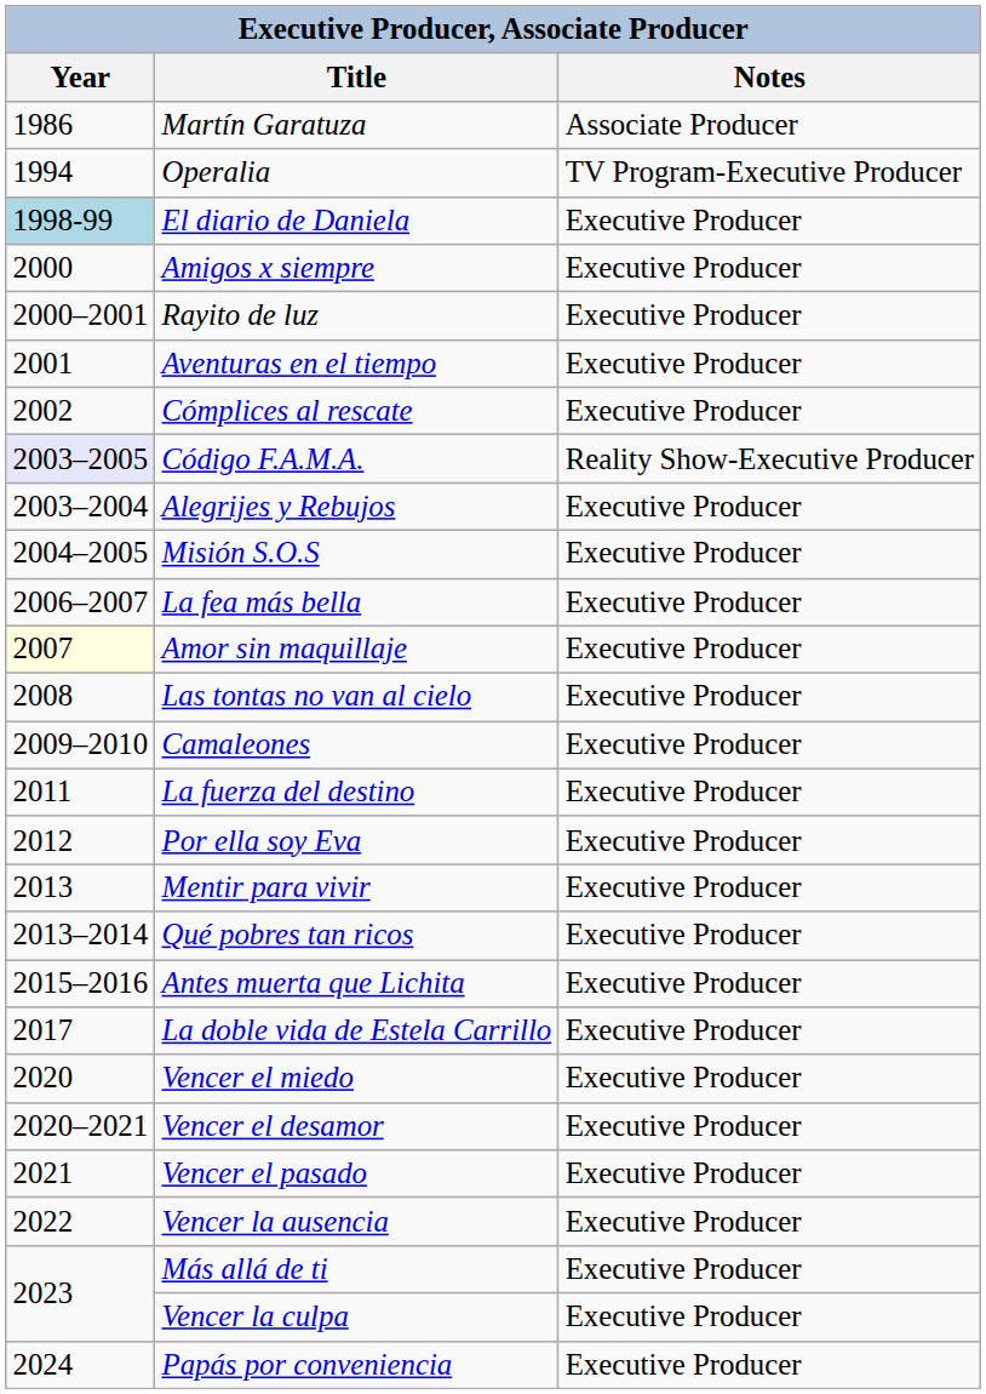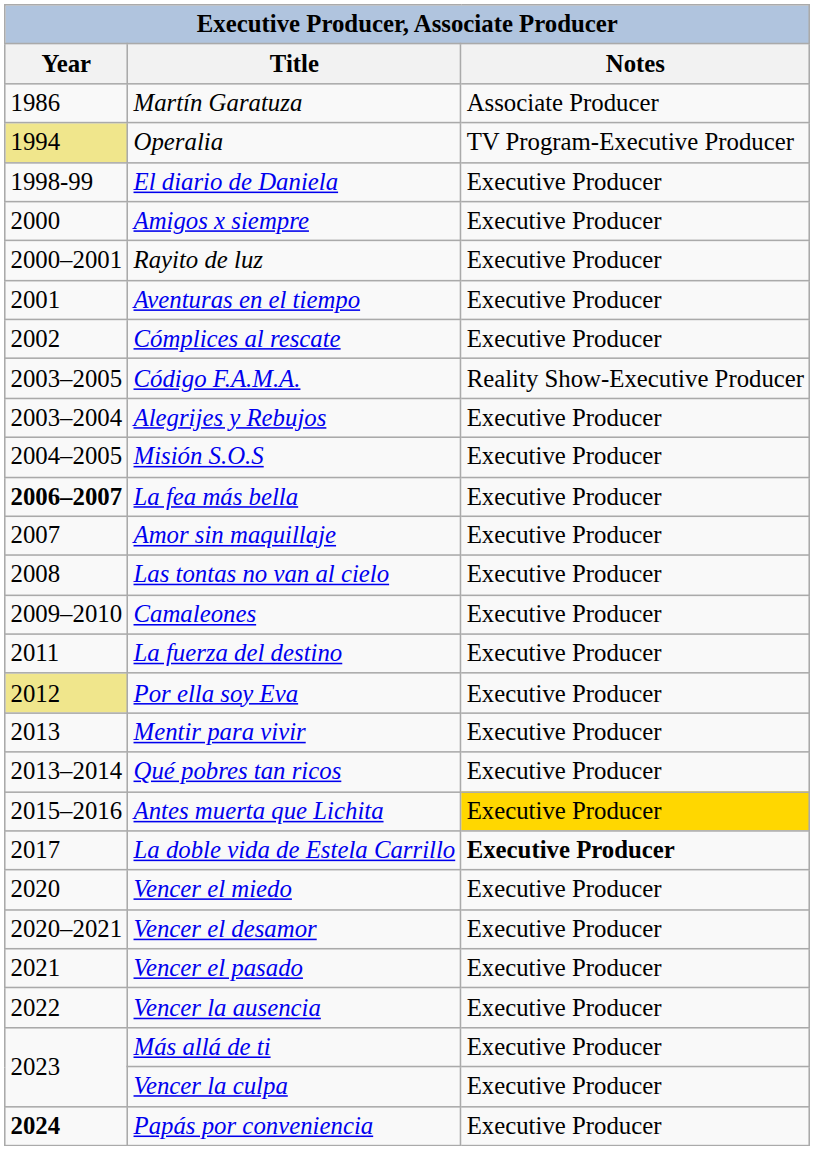 <table class="wikitable">
 <tr>
 <th colspan="5" style="background:LightSteelBlue;">Executive Producer, Associate Producer</th>
 </tr>
 <tr>
 <th>Year</th>
 <th>Title</th>
 <th>Notes</th>
 </tr>
 <tr>
 <td>1986</td>
 <td><em>Martín Garatuza</em></td>
 <td>Associate Producer</td>
 </tr>
 <tr>
-<td>1994</td>
+<td style="background: khaki;">1994</td>
 <td><em>Operalia </em></td>
 <td>TV Program-Executive Producer</td>
 </tr>
 <tr>
-<td style="background: lightblue;">1998-99</td>
+<td>1998-99</td>
 <td><em><a href='#'>El diario de Daniela</a></em></td>
 <td>Executive Producer</td>
 </tr>
 <tr>
 <td>2000</td>
 <td><em><a href='#'>Amigos x siempre</a></em></td>
 <td>Executive Producer</td>
 </tr>
 <tr>
 <td>2000–2001</td>
 <td><em>Rayito de luz</em></td>
 <td>Executive Producer</td>
 </tr>
 <tr>
 <td>2001</td>
 <td><em><a href='#'>Aventuras en el tiempo</a></em></td>
 <td>Executive Producer</td>
 </tr>
 <tr>
 <td>2002</td>
 <td><em><a href='#'>Cómplices al rescate</a></em></td>
 <td>Executive Producer</td>
 </tr>
 <tr>
-<td style="background: lavender;">2003–2005</td>
+<td>2003–2005</td>
 <td><em><a href='#'>Código F.A.M.A.</a></em></td>
 <td>Reality Show-Executive Producer</td>
 </tr>
 <tr>
 <td>2003–2004</td>
 <td><em><a href='#'>Alegrijes y Rebujos</a></em></td>
 <td>Executive Producer</td>
 </tr>
 <tr>
 <td>2004–2005</td>
 <td><em><a href='#'>Misión S.O.S</a></em></td>
 <td>Executive Producer</td>
 </tr>
 <tr>
-<td>2006–2007</td>
+<td><strong>2006–2007</strong></td>
 <td><em><a href='#'>La fea más bella</a></em></td>
 <td>Executive Producer</td>
 </tr>
 <tr>
-<td style="background: lightyellow;">2007</td>
+<td>2007</td>
 <td><em><a href='#'>Amor sin maquillaje</a></em></td>
 <td>Executive Producer</td>
 </tr>
 <tr>
 <td>2008</td>
 <td><em><a href='#'>Las tontas no van al cielo</a></em></td>
 <td>Executive Producer</td>
 </tr>
 <tr>
 <td>2009–2010</td>
 <td><em><a href='#'>Camaleones</a></em></td>
 <td>Executive Producer</td>
 </tr>
 <tr>
 <td>2011</td>
 <td><em><a href='#'>La fuerza del destino</a></em></td>
 <td>Executive Producer</td>
 </tr>
 <tr>
-<td>2012</td>
+<td style="background: khaki;">2012</td>
 <td><em><a href='#'>Por ella soy Eva</a></em></td>
 <td>Executive Producer</td>
 </tr>
 <tr>
 <td>2013</td>
 <td><em><a href='#'>Mentir para vivir</a></em></td>
 <td>Executive Producer</td>
 </tr>
 <tr>
 <td>2013–2014</td>
 <td><em><a href='#'>Qué pobres tan ricos</a></em></td>
 <td>Executive Producer</td>
 </tr>
 <tr>
 <td>2015–2016</td>
 <td><em><a href='#'>Antes muerta que Lichita</a></em></td>
-<td>Executive Producer</td>
+<td style="background: gold;">Executive Producer</td>
 </tr>
 <tr>
 <td>2017</td>
 <td><em><a href='#'>La doble vida de Estela Carrillo</a></em></td>
-<td>Executive Producer</td>
+<td><strong>Executive Producer</strong></td>
 </tr>
 <tr>
 <td>2020</td>
 <td><em><a href='#'>Vencer el miedo</a></em></td>
 <td>Executive Producer</td>
 </tr>
 <tr>
 <td>2020–2021</td>
 <td><em><a href='#'>Vencer el desamor</a></em></td>
 <td>Executive Producer</td>
 </tr>
 <tr>
 <td>2021</td>
 <td><em><a href='#'>Vencer el pasado</a></em></td>
 <td>Executive Producer</td>
 </tr>
 <tr>
 <td>2022</td>
 <td><em><a href='#'>Vencer la ausencia</a></em></td>
 <td>Executive Producer</td>
 </tr>
 <tr>
 <td rowspan=2>2023</td>
 <td><em><a href='#'>Más allá de ti</a></em></td>
 <td>Executive Producer</td>
 </tr>
 <tr>
 <td><em><a href='#'>Vencer la culpa</a></em></td>
 <td>Executive Producer</td>
 </tr>
 <tr>
-<td>2024</td>
+<td><strong>2024</strong></td>
 <td><em><a href='#'>Papás por conveniencia</a></em></td>
 <td>Executive Producer</td>
 </tr>
 </table>
